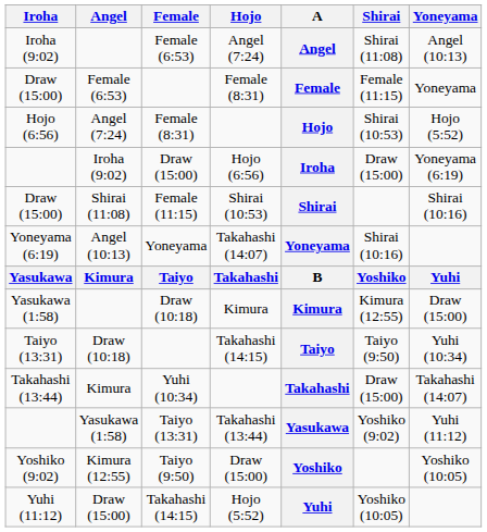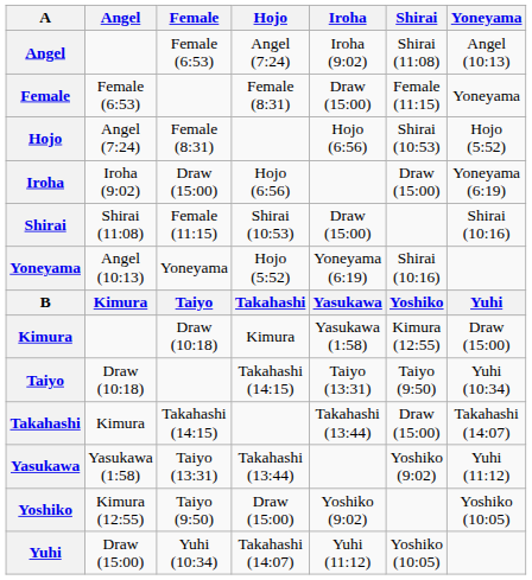 <table class="wikitable" style="text-align:center; margin: 1em auto 1em auto;" width="25%">
 <tr>
-<th><a href='#'>Iroha</a></th>
+<th>A</th>
 <th><a href='#'>Angel</a></th>
 <th><a href='#'>Female</a></th>
 <th><a href='#'>Hojo</a></th>
-<th>A</th>
+<th><a href='#'>Iroha</a></th>
 <th><a href='#'>Shirai</a></th>
 <th><a href='#'>Yoneyama</a></th>
 </tr>
 <tr>
-<td>Iroha<br>(9:02)</td>
+<th><a href='#'>Angel</a></th>
 <td></td>
 <td>Female<br>(6:53)</td>
 <td>Angel<br>(7:24)</td>
-<th><a href='#'>Angel</a></th>
+<td>Iroha<br>(9:02)</td>
 <td>Shirai<br>(11:08)</td>
 <td>Angel<br>(10:13)</td>
 </tr>
 <tr>
-<td>Draw<br>(15:00)</td>
+<th><a href='#'>Female</a></th>
 <td>Female<br>(6:53)</td>
 <td></td>
 <td>Female<br>(8:31)</td>
-<th><a href='#'>Female</a></th>
+<td>Draw<br>(15:00)</td>
 <td>Female<br>(11:15)</td>
 <td>Yoneyama</td>
 </tr>
 <tr>
-<td>Hojo<br>(6:56)</td>
+<th><a href='#'>Hojo</a></th>
 <td>Angel<br>(7:24)</td>
 <td>Female<br>(8:31)</td>
 <td></td>
-<th><a href='#'>Hojo</a></th>
+<td>Hojo<br>(6:56)</td>
 <td>Shirai<br>(10:53)</td>
 <td>Hojo<br>(5:52)</td>
 </tr>
 <tr>
-<td></td>
+<th><a href='#'>Iroha</a></th>
 <td>Iroha<br>(9:02)</td>
 <td>Draw<br>(15:00)</td>
 <td>Hojo<br>(6:56)</td>
-<th><a href='#'>Iroha</a></th>
+<td></td>
 <td>Draw<br>(15:00)</td>
 <td>Yoneyama<br>(6:19)</td>
 </tr>
 <tr>
-<td>Draw<br>(15:00)</td>
+<th><a href='#'>Shirai</a></th>
 <td>Shirai<br>(11:08)</td>
 <td>Female<br>(11:15)</td>
 <td>Shirai<br>(10:53)</td>
-<th><a href='#'>Shirai</a></th>
+<td>Draw<br>(15:00)</td>
 <td></td>
 <td>Shirai<br>(10:16)</td>
 </tr>
 <tr>
-<td>Yoneyama<br>(6:19)</td>
+<th><a href='#'>Yoneyama</a></th>
 <td>Angel<br>(10:13)</td>
 <td>Yoneyama</td>
-<td>Takahashi<br>(14:07)</td>
-<th><a href='#'>Yoneyama</a></th>
+<td>Hojo<br>(5:52)</td>
+<td>Yoneyama<br>(6:19)</td>
 <td>Shirai<br>(10:16)</td>
 <td></td>
 </tr>
 <tr>
-<th><a href='#'>Yasukawa</a></th>
+<th>B</th>
 <th><a href='#'>Kimura</a></th>
 <th><a href='#'>Taiyo</a></th>
 <th><a href='#'>Takahashi</a></th>
-<th>B</th>
+<th><a href='#'>Yasukawa</a></th>
 <th><a href='#'>Yoshiko</a></th>
 <th><a href='#'>Yuhi</a></th>
 </tr>
 <tr>
-<td>Yasukawa<br>(1:58)</td>
+<th><a href='#'>Kimura</a></th>
 <td></td>
 <td>Draw<br>(10:18)</td>
 <td>Kimura</td>
-<th><a href='#'>Kimura</a></th>
+<td>Yasukawa<br>(1:58)</td>
 <td>Kimura<br>(12:55)</td>
 <td>Draw<br>(15:00)</td>
 </tr>
 <tr>
-<td>Taiyo<br>(13:31)</td>
+<th><a href='#'>Taiyo</a></th>
 <td>Draw<br>(10:18)</td>
 <td></td>
 <td>Takahashi<br>(14:15)</td>
-<th><a href='#'>Taiyo</a></th>
+<td>Taiyo<br>(13:31)</td>
 <td>Taiyo<br>(9:50)</td>
 <td>Yuhi<br>(10:34)</td>
 </tr>
 <tr>
+<th><a href='#'>Takahashi</a></th>
+<td>Kimura</td>
+<td>Takahashi<br>(14:15)</td>
+<td></td>
 <td>Takahashi<br>(13:44)</td>
-<td>Kimura</td>
-<td>Yuhi<br>(10:34)</td>
-<td></td>
-<th><a href='#'>Takahashi</a></th>
 <td>Draw<br>(15:00)</td>
 <td>Takahashi<br>(14:07)</td>
 </tr>
 <tr>
-<td></td>
+<th><a href='#'>Yasukawa</a></th>
 <td>Yasukawa<br>(1:58)</td>
 <td>Taiyo<br>(13:31)</td>
 <td>Takahashi<br>(13:44)</td>
-<th><a href='#'>Yasukawa</a></th>
+<td></td>
 <td>Yoshiko<br>(9:02)</td>
 <td>Yuhi<br>(11:12)</td>
 </tr>
 <tr>
-<td>Yoshiko<br>(9:02)</td>
+<th><a href='#'>Yoshiko</a></th>
 <td>Kimura<br>(12:55)</td>
 <td>Taiyo<br>(9:50)</td>
 <td>Draw<br>(15:00)</td>
-<th><a href='#'>Yoshiko</a></th>
+<td>Yoshiko<br>(9:02)</td>
 <td></td>
 <td>Yoshiko<br>(10:05)</td>
 </tr>
 <tr>
+<th><a href='#'>Yuhi</a></th>
+<td>Draw<br>(15:00)</td>
+<td>Yuhi<br>(10:34)</td>
+<td>Takahashi<br>(14:07)</td>
 <td>Yuhi<br>(11:12)</td>
-<td>Draw<br>(15:00)</td>
-<td>Takahashi<br>(14:15)</td>
-<td>Hojo<br>(5:52)</td>
-<th><a href='#'>Yuhi</a></th>
 <td>Yoshiko<br>(10:05)</td>
 <td></td>
 </tr>
 </table>
